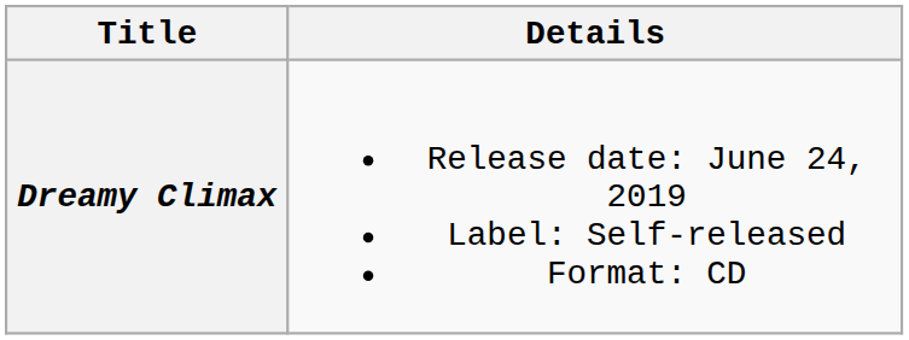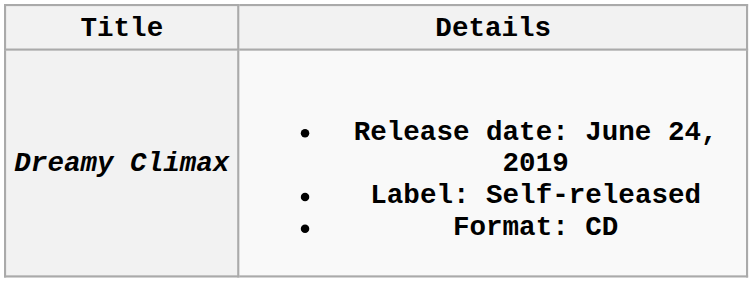 <table class="wikitable plainrowheaders" style="text-align:center;">
 <tr>
 <th scope="col" style="width:8em;">Title</th>
 <th scope="col" style="width:18em;">Details</th>
 </tr>
 <tr>
 <th scope="row"><em>Dreamy Climax</em></th>
-<td><br><ul><li>Release date: June 24, 2019</li><li>Label: Self-released</li><li>Format: CD</li></ul></td>
+<td><strong><br><ul><li>Release date: June 24, 2019</li><li>Label: Self-released</li><li>Format: CD</li></ul></strong></td>
 </tr>
 </table>
